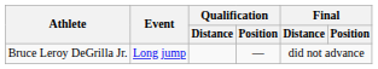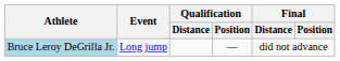 <table class=wikitable style="font-size:90%">
 <tr>
 <th rowspan="2">Athlete</th>
 <th rowspan="2">Event</th>
 <th colspan="2">Qualification</th>
 <th colspan="2">Final</th>
 </tr>
 <tr style="font-size:95%">
 <th>Distance</th>
 <th>Position</th>
 <th>Distance</th>
 <th>Position</th>
 </tr>
 <tr align=center>
-<td align=left>Bruce Leroy DeGrilla Jr.</td>
+<td align=left style="background: lightblue;">Bruce Leroy DeGrilla Jr.</td>
 <td align=left rowspan=2><a href='#'>Long jump</a></td>
 <td></td>
 <td>—</td>
 <td colspan=2>did not advance</td>
 </tr>
 </table>
